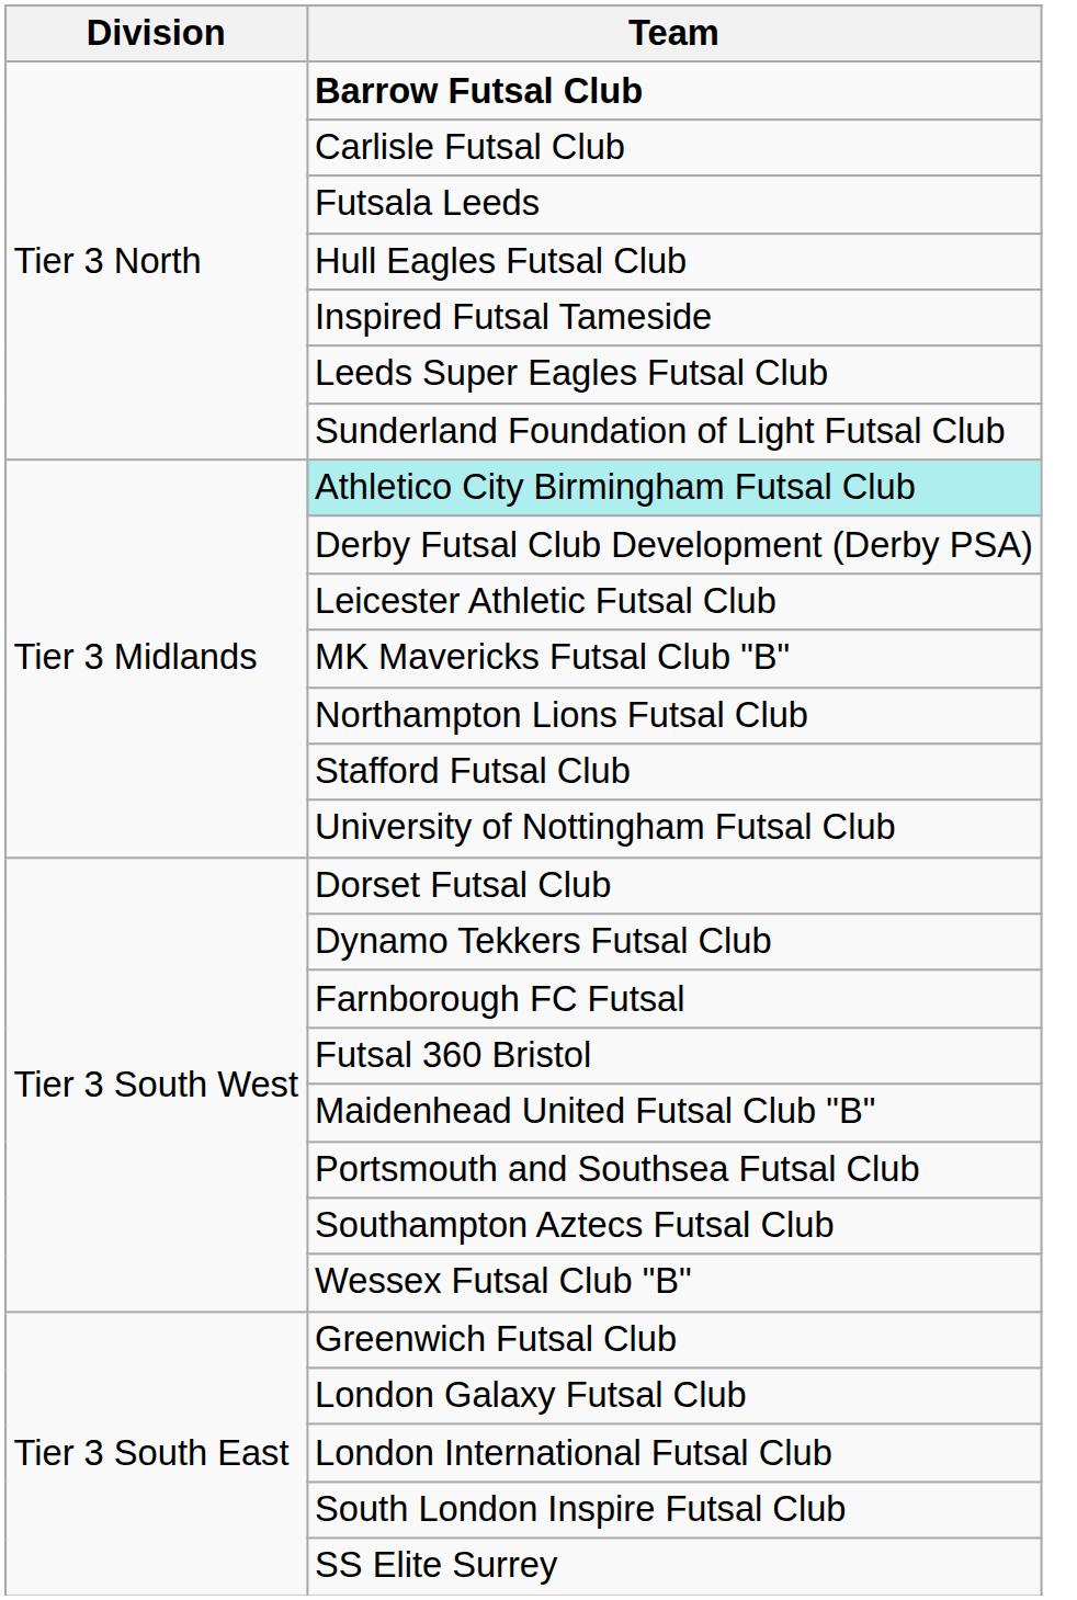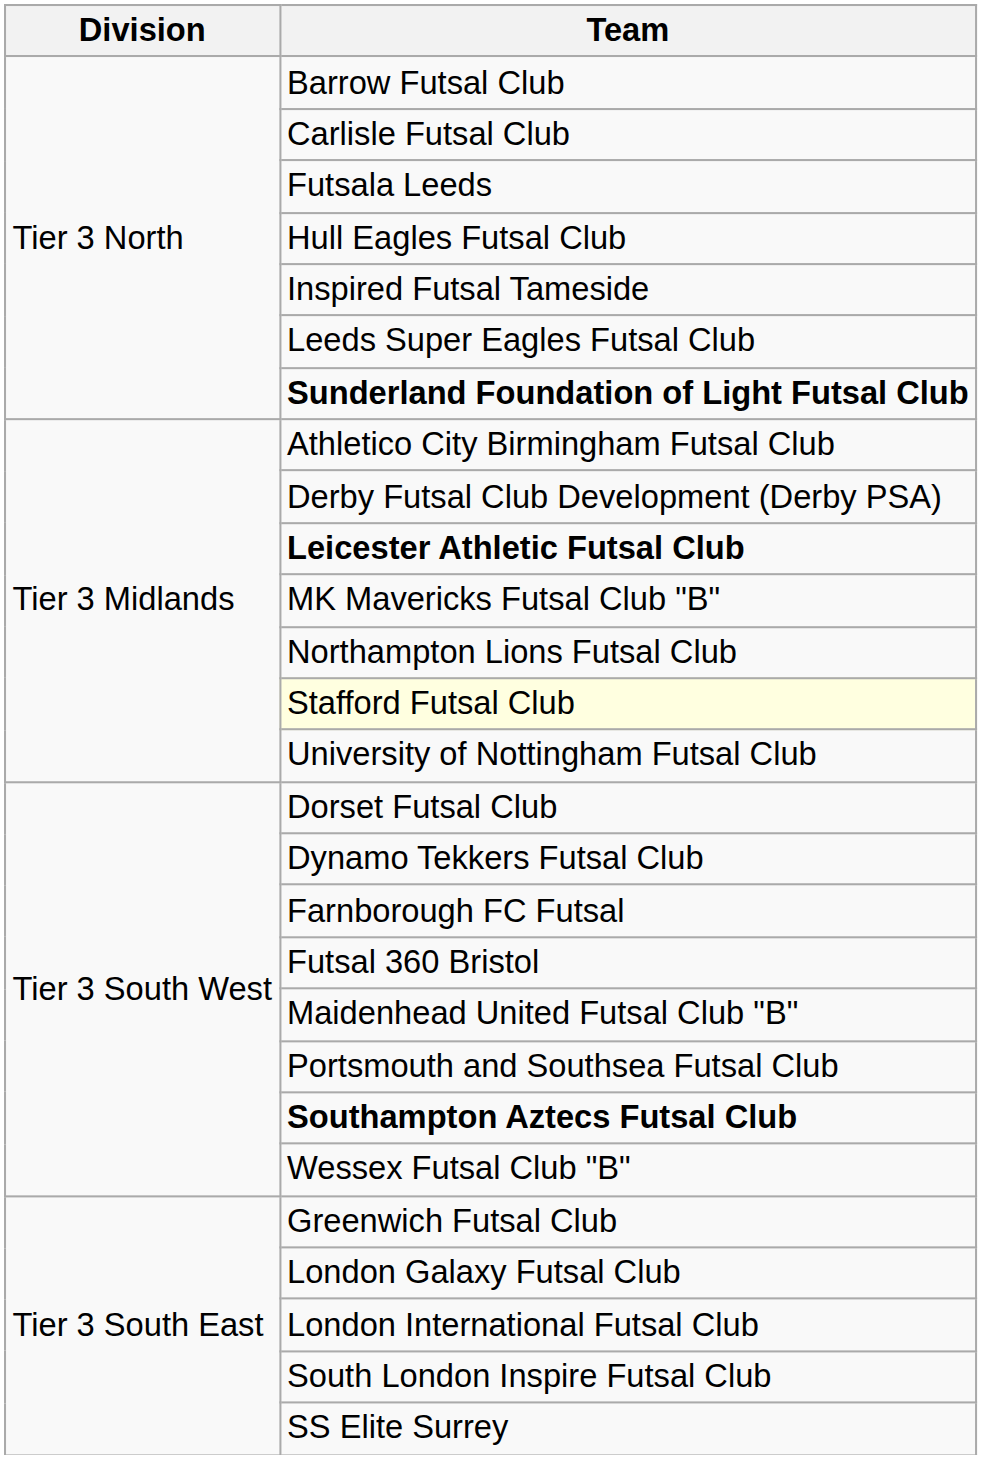 <table class="wikitable">
 <tr>
 <th>Division</th>
 <th>Team</th>
 </tr>
 <tr>
 <td rowspan="7">Tier 3 North</td>
-<td><strong>Barrow Futsal Club</strong></td>
+<td>Barrow Futsal Club</td>
 </tr>
 <tr>
 <td>Carlisle Futsal Club</td>
 </tr>
 <tr>
 <td>Futsala Leeds</td>
 </tr>
 <tr>
 <td>Hull Eagles Futsal Club</td>
 </tr>
 <tr>
 <td>Inspired Futsal Tameside</td>
 </tr>
 <tr>
 <td>Leeds Super Eagles Futsal Club</td>
 </tr>
 <tr>
-<td>Sunderland Foundation of Light Futsal Club</td>
+<td><strong>Sunderland Foundation of Light Futsal Club</strong></td>
 </tr>
 <tr>
 <td rowspan="7">Tier 3 Midlands</td>
-<td style="background: paleturquoise;">Athletico City Birmingham Futsal Club</td>
+<td>Athletico City Birmingham Futsal Club</td>
 </tr>
 <tr>
 <td>Derby Futsal Club Development (Derby PSA)</td>
 </tr>
 <tr>
-<td>Leicester Athletic Futsal Club</td>
+<td><strong>Leicester Athletic Futsal Club</strong></td>
 </tr>
 <tr>
 <td>MK Mavericks Futsal Club "B"</td>
 </tr>
 <tr>
 <td>Northampton Lions Futsal Club</td>
 </tr>
 <tr>
-<td>Stafford Futsal Club</td>
+<td style="background: lightyellow;">Stafford Futsal Club</td>
 </tr>
 <tr>
 <td>University of Nottingham Futsal Club</td>
 </tr>
 <tr>
 <td rowspan="8">Tier 3 South West</td>
 <td>Dorset Futsal Club</td>
 </tr>
 <tr>
 <td>Dynamo Tekkers Futsal Club</td>
 </tr>
 <tr>
 <td>Farnborough FC Futsal</td>
 </tr>
 <tr>
 <td>Futsal 360 Bristol</td>
 </tr>
 <tr>
 <td>Maidenhead United Futsal Club "B"</td>
 </tr>
 <tr>
 <td>Portsmouth and Southsea Futsal Club</td>
 </tr>
 <tr>
-<td>Southampton Aztecs Futsal Club</td>
+<td><strong>Southampton Aztecs Futsal Club</strong></td>
 </tr>
 <tr>
 <td>Wessex Futsal Club "B"</td>
 </tr>
 <tr>
 <td rowspan="5">Tier 3 South East</td>
 <td>Greenwich Futsal Club</td>
 </tr>
 <tr>
 <td>London Galaxy Futsal Club</td>
 </tr>
 <tr>
 <td>London International Futsal Club</td>
 </tr>
 <tr>
 <td>South London Inspire Futsal Club</td>
 </tr>
 <tr>
 <td>SS Elite Surrey</td>
 </tr>
 </table>
